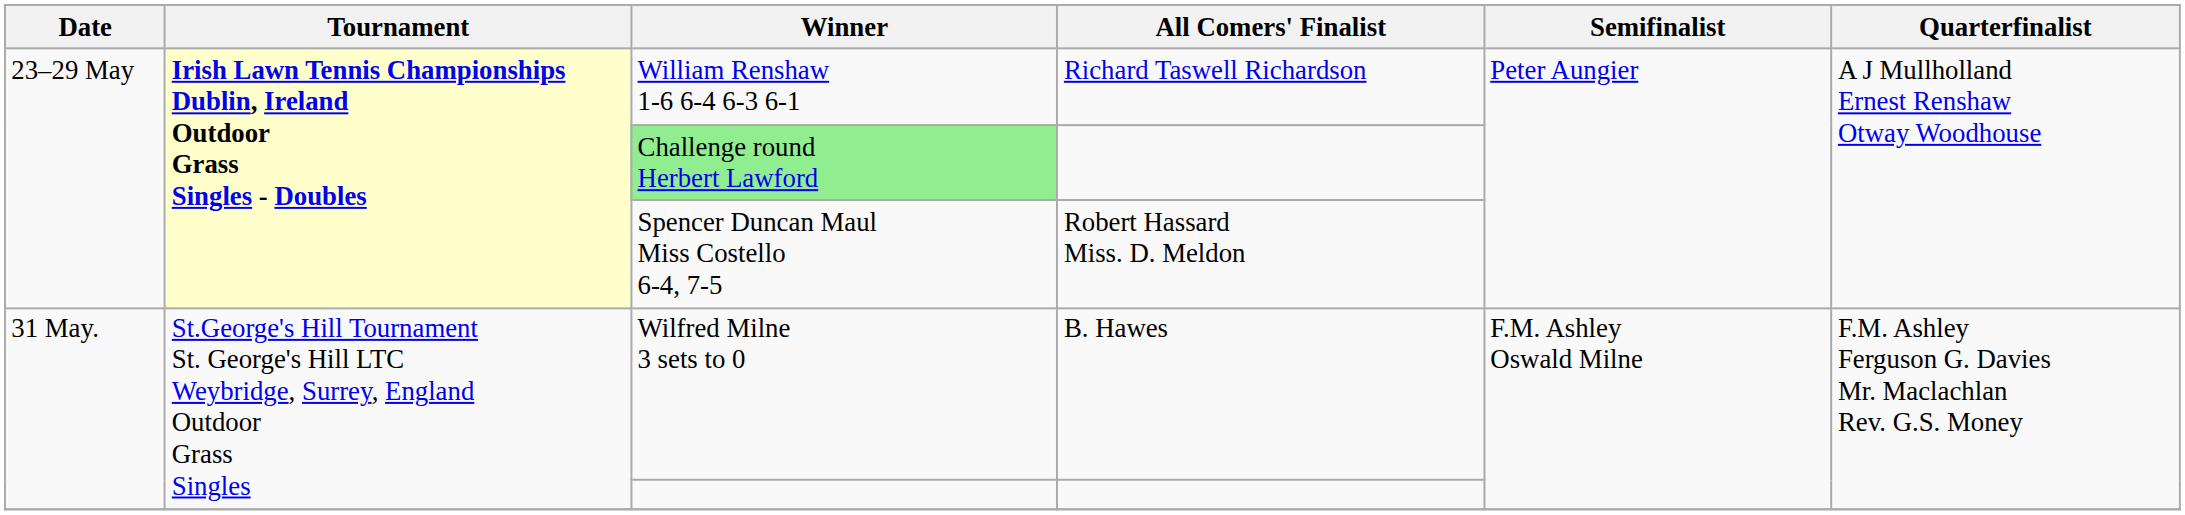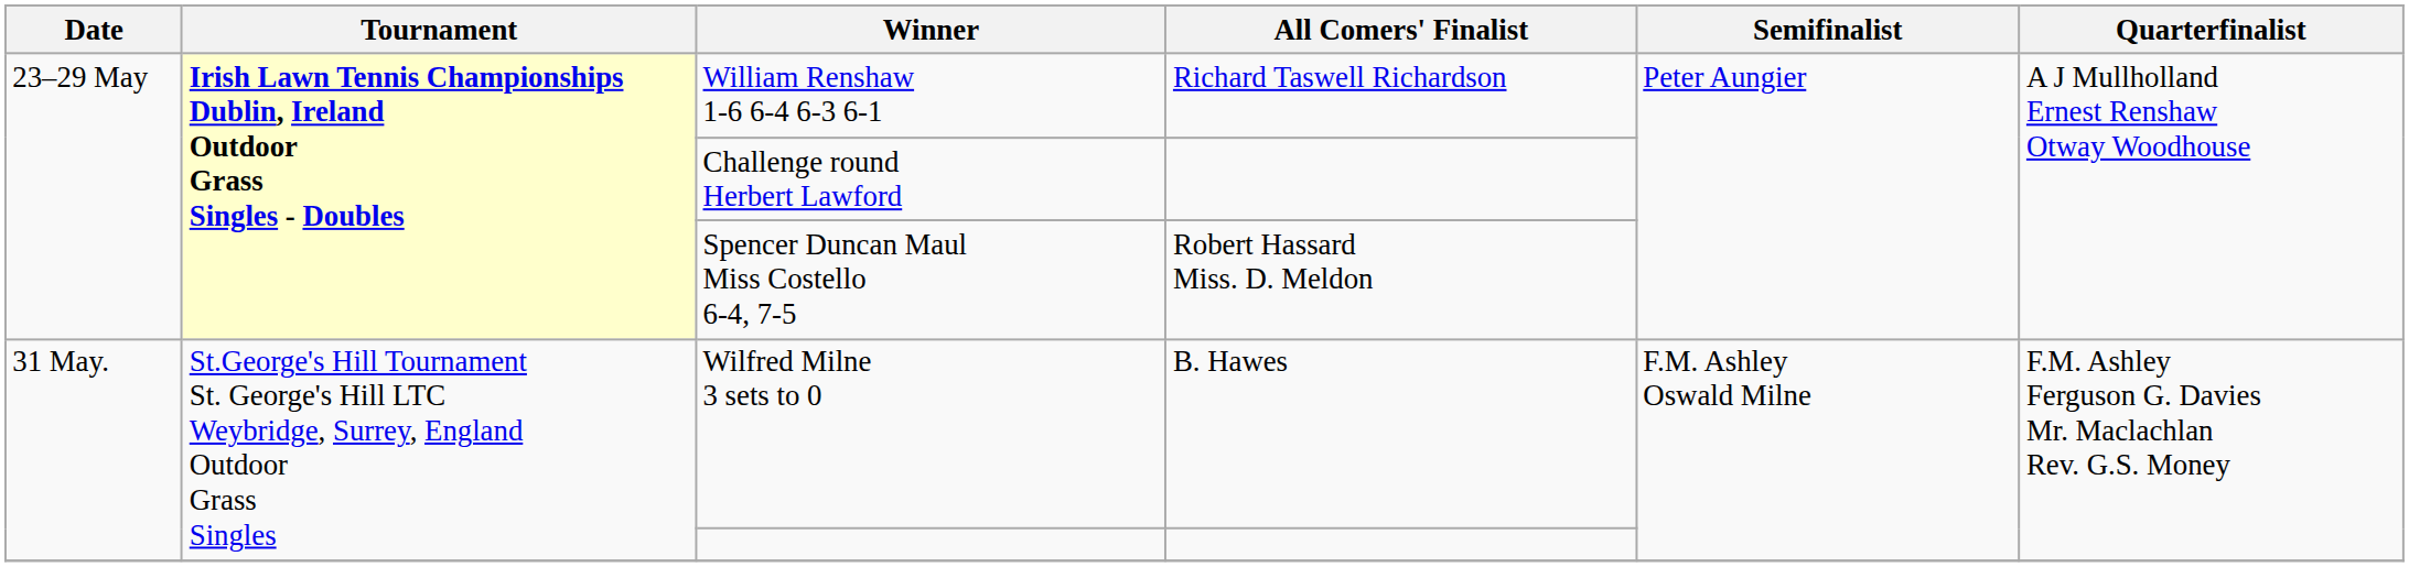 <table class="wikitable" style="font-size:85%;">
 <tr>
 <th width="75">Date</th>
 <th width="230">Tournament</th>
 <th width="210">Winner</th>
 <th width="210">All Comers' Finalist</th>
 <th width="170">Semifinalist</th>
 <th width="170">Quarterfinalist</th>
 </tr>
 <tr valign=top>
 <td rowspan=3>23–29 May</td>
 <td style="background:#ffc;" rowspan=3><strong><a href='#'>Irish Lawn Tennis Championships</a><br><a href='#'>Dublin</a>, <a href='#'>Ireland</a><br>Outdoor<br>Grass<br><a href='#'>Singles</a> - <a href='#'>Doubles</a></strong></td>
 <td> <a href='#'>William Renshaw</a><br>1-6 6-4 6-3 6-1</td>
 <td> <a href='#'>Richard Taswell Richardson</a></td>
 <td rowspan=3> <a href='#'>Peter Aungier</a></td>
 <td rowspan=3> A J Mullholland<br> <a href='#'>Ernest Renshaw</a><br> <a href='#'>Otway Woodhouse</a></td>
 </tr>
 <tr valign=top>
-<td style="background: lightgreen;">Challenge round<br> <a href='#'>Herbert Lawford</a> <br></td>
+<td>Challenge round<br> <a href='#'>Herbert Lawford</a> <br></td>
 <td></td>
 </tr>
 <tr valign=top>
 <td> Spencer Duncan Maul<br> Miss Costello<br>6-4, 7-5</td>
 <td> Robert Hassard<br> Miss. D. Meldon</td>
 </tr>
 <tr valign=top>
 <td rowspan=2>31 May.</td>
 <td rowspan=2><a href='#'>St.George's Hill Tournament</a> <br>St. George's Hill LTC<br><a href='#'>Weybridge</a>, <a href='#'>Surrey</a>, <a href='#'>England</a><br>Outdoor<br>Grass<br><a href='#'>Singles</a></td>
 <td> Wilfred Milne<br>3 sets to 0</td>
 <td> B. Hawes<br></td>
 <td rowspan=2> F.M. Ashley<br> Oswald Milne</td>
 <td rowspan=2> F.M. Ashley<br> Ferguson G. Davies<br> Mr. Maclachlan <br>  Rev. G.S. Money</td>
 </tr>
 <tr valign=top>
 <td></td>
 <td></td>
 </tr>
 <tr valign=top>
 </tr>
 </table>
